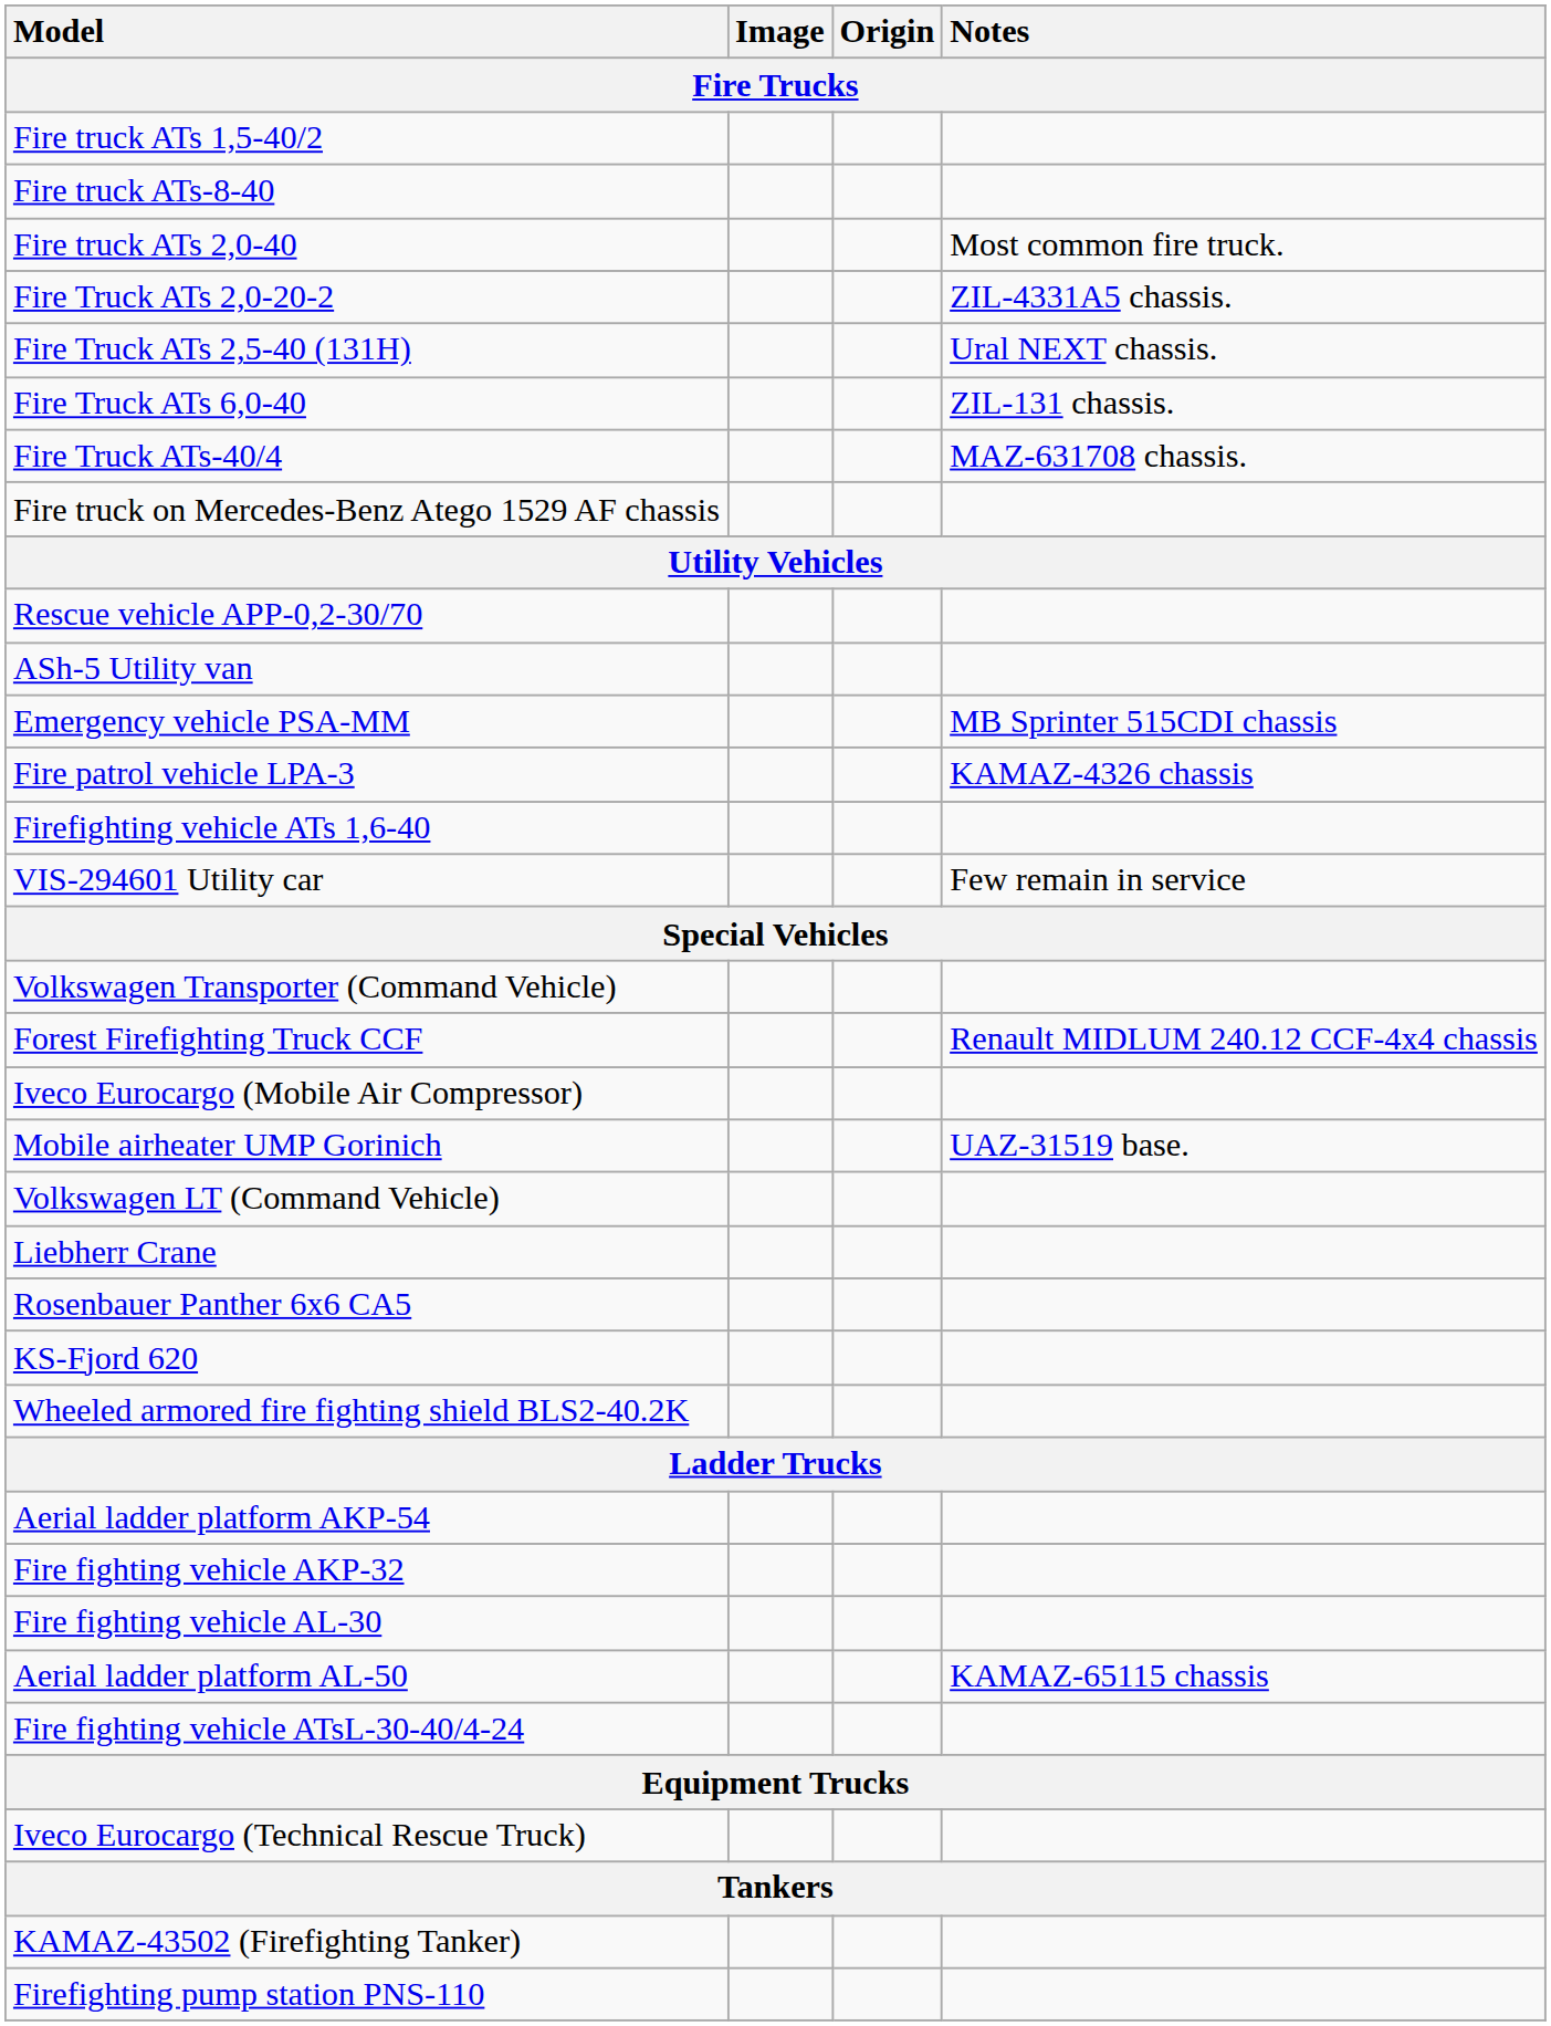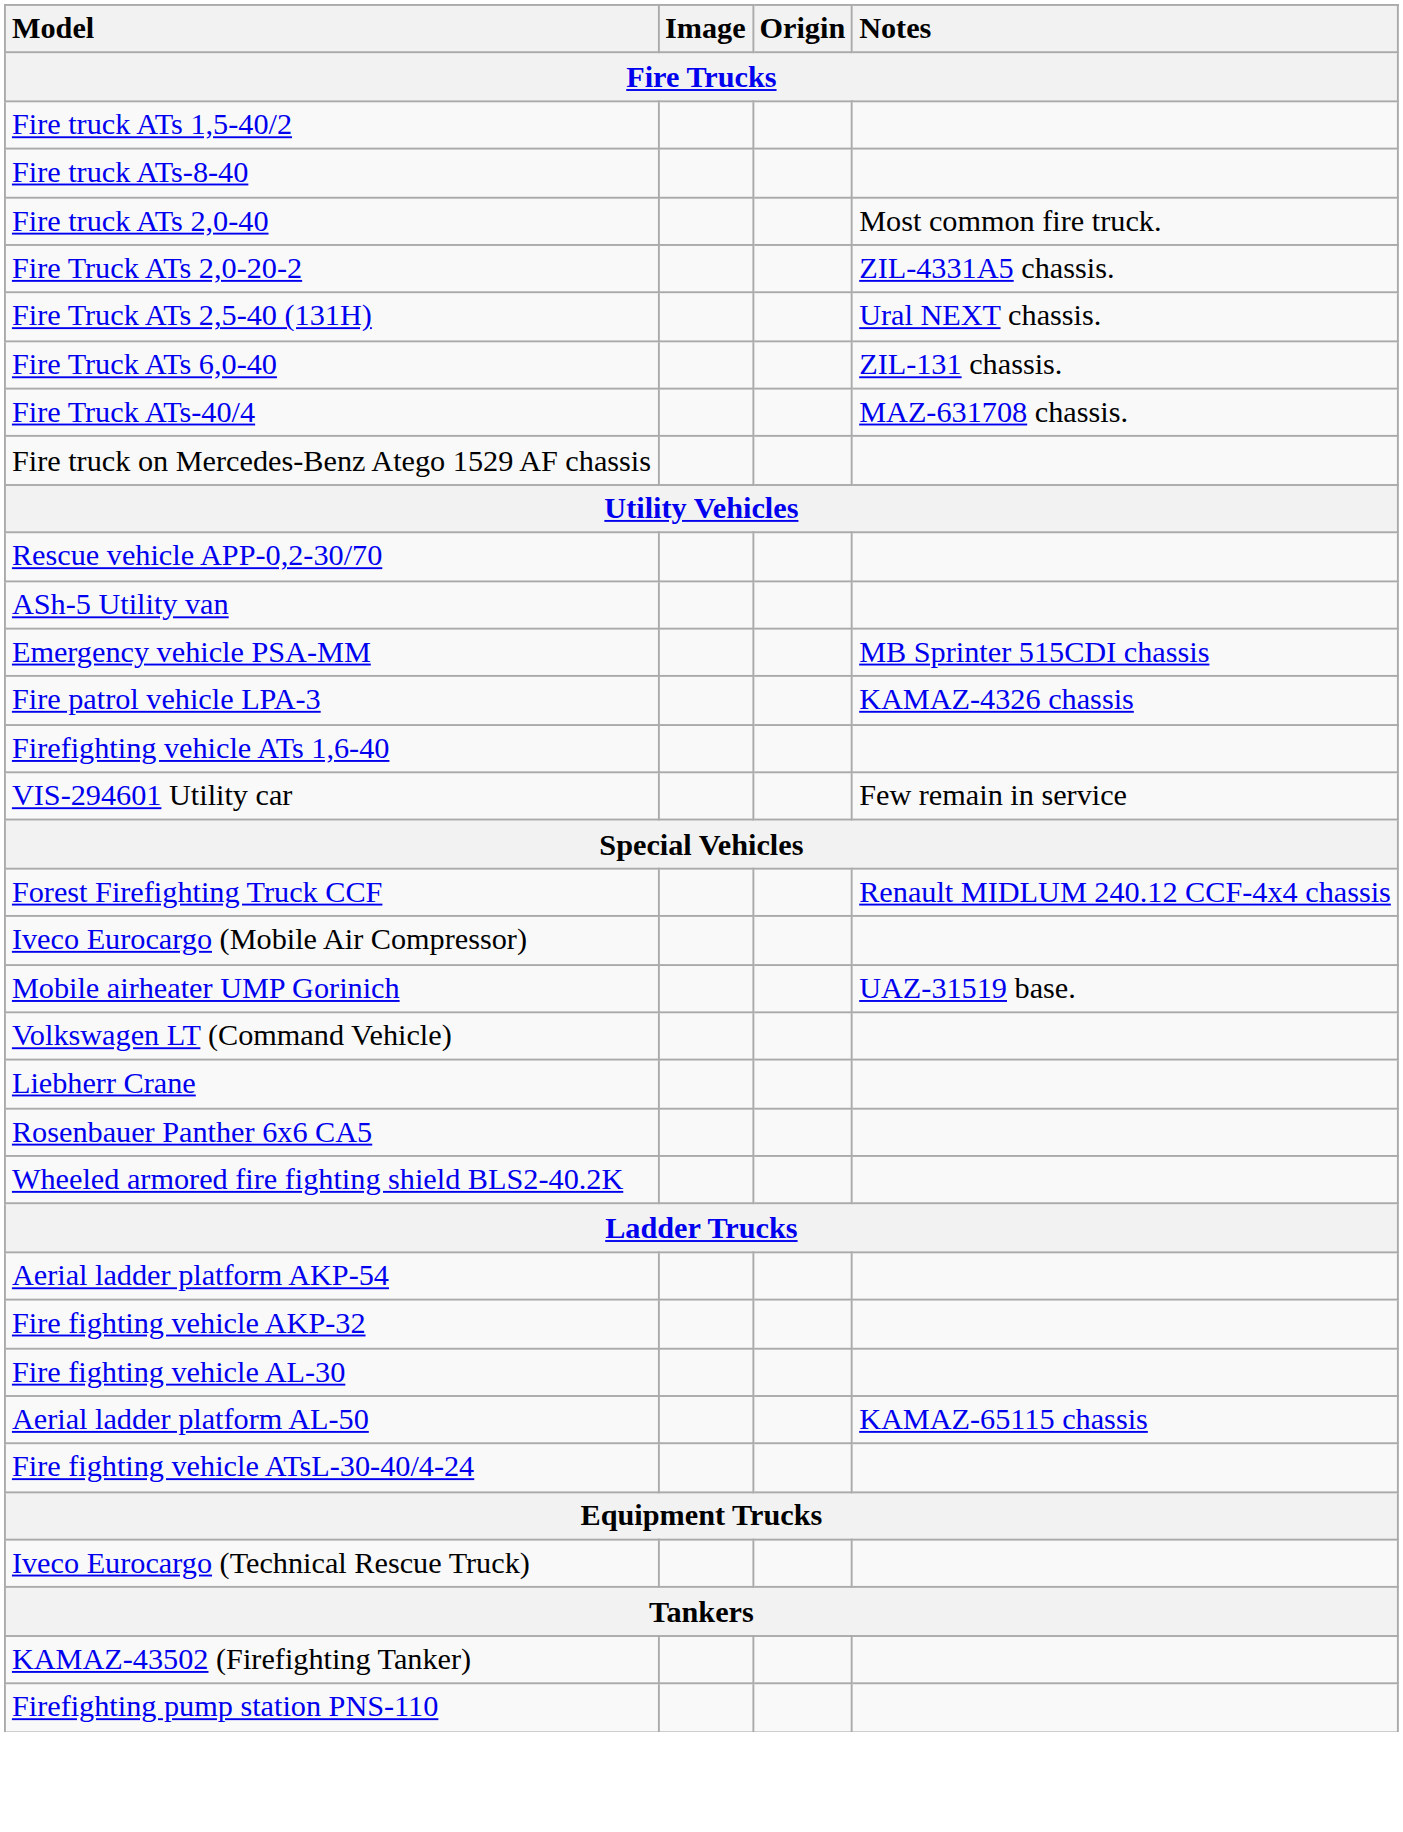 <table class="wikitable">
 <tr>
 <th style="text-align: left;">Model</th>
 <th style="text-align: left;">Image</th>
 <th style="text-align: left;">Origin</th>
 <th style="text-align: left;">Notes</th>
 </tr>
 <tr>
 <th colspan="4" style="align: center;"><a href='#'>Fire Trucks</a></th>
 </tr>
 <tr>
 <td><a href='#'>Fire truck ATs 1,5-40/2</a></td>
 <td></td>
 <td></td>
 <td></td>
 </tr>
 <tr>
 <td><a href='#'>Fire truck ATs-8-40</a></td>
 <td></td>
 <td></td>
 <td></td>
 </tr>
 <tr>
 <td><a href='#'>Fire truck ATs 2,0-40</a></td>
 <td></td>
 <td></td>
 <td>Most common fire truck.</td>
 </tr>
 <tr>
 <td><a href='#'>Fire Truck ATs 2,0-20-2</a></td>
 <td></td>
 <td></td>
 <td><a href='#'>ZIL-4331A5</a> chassis.</td>
 </tr>
 <tr>
 <td><a href='#'>Fire Truck ATs 2,5-40 (131Н)</a></td>
 <td></td>
 <td></td>
 <td><a href='#'>Ural NEXT</a> chassis.</td>
 </tr>
 <tr>
 <td><a href='#'>Fire Truck ATs 6,0-40</a></td>
 <td></td>
 <td></td>
 <td><a href='#'>ZIL-131</a> chassis.</td>
 </tr>
 <tr>
 <td><a href='#'>Fire Truck ATs-40/4</a></td>
 <td></td>
 <td></td>
 <td><a href='#'>MAZ-631708</a> chassis.</td>
 </tr>
 <tr>
 <td>Fire truck on Mercedes-Benz Atego 1529 AF chassis</td>
 <td></td>
 <td></td>
 <td></td>
 </tr>
 <tr>
 <th colspan="4"><a href='#'>Utility Vehicles</a></th>
 </tr>
 <tr>
 <td><a href='#'>Rescue vehicle APP-0,2-30/70</a></td>
 <td></td>
 <td></td>
 <td></td>
 </tr>
 <tr>
 <td><a href='#'>ASh-5 Utility van</a></td>
 <td></td>
 <td></td>
 <td></td>
 </tr>
 <tr>
 <td><a href='#'>Emergency vehicle PSA-MM</a></td>
 <td></td>
 <td></td>
 <td><a href='#'>MB Sprinter 515CDI chassis</a></td>
 </tr>
 <tr>
 <td><a href='#'>Fire patrol vehicle LPA-3</a></td>
 <td></td>
 <td></td>
 <td><a href='#'>KAMAZ-4326 chassis</a></td>
 </tr>
 <tr>
 <td><a href='#'>Firefighting vehicle ATs 1,6-40</a></td>
 <td></td>
 <td></td>
 <td></td>
 </tr>
 <tr>
 <td><a href='#'>VIS-294601</a> Utility car</td>
 <td></td>
 <td></td>
 <td>Few remain in service</td>
 </tr>
 <tr>
 <th colspan="4">Special Vehicles</th>
 </tr>
 <tr>
-<td><a href='#'>Volkswagen Transporter</a> (Command Vehicle)</td>
-<td></td>
-<td></td>
-<td></td>
-</tr>
-<tr>
 <td><a href='#'>Forest Firefighting Truck CCF</a></td>
 <td></td>
 <td></td>
 <td><a href='#'>Renault MIDLUM 240.12 CCF-4x4 chassis</a></td>
 </tr>
 <tr>
 <td><a href='#'>Iveco Eurocargo</a> (Mobile Air Compressor)</td>
 <td></td>
 <td></td>
 <td></td>
 </tr>
 <tr>
 <td><a href='#'>Mobile airheater UMP Gorinich</a></td>
 <td></td>
 <td></td>
 <td><a href='#'>UAZ-31519</a> base.</td>
 </tr>
 <tr>
 <td><a href='#'>Volkswagen LT</a> (Command Vehicle)</td>
 <td></td>
 <td></td>
 <td></td>
 </tr>
 <tr>
 <td><a href='#'>Liebherr Crane</a></td>
 <td></td>
 <td></td>
 <td></td>
 </tr>
 <tr>
 <td><a href='#'>Rosenbauer Panther 6x6 CA5</a></td>
-<td></td>
-<td></td>
-<td></td>
-</tr>
-<tr>
-<td><a href='#'>KS-Fjord 620</a></td>
 <td></td>
 <td></td>
 <td></td>
 </tr>
 <tr>
 <td><a href='#'>Wheeled armored fire fighting shield BLS2-40.2K</a></td>
 <td></td>
 <td></td>
 <td></td>
 </tr>
 <tr>
 <th colspan="4"><a href='#'>Ladder Trucks</a></th>
 </tr>
 <tr>
 <td><a href='#'>Aerial ladder platform AKP-54</a></td>
 <td></td>
 <td></td>
 <td></td>
 </tr>
 <tr>
 <td><a href='#'>Fire fighting vehicle AKP-32</a></td>
 <td></td>
 <td></td>
 <td></td>
 </tr>
 <tr>
 <td><a href='#'>Fire fighting vehicle AL-30</a></td>
 <td></td>
 <td></td>
 <td></td>
 </tr>
 <tr>
 <td><a href='#'>Aerial ladder platform AL-50</a></td>
 <td></td>
 <td></td>
 <td><a href='#'>KAMAZ-65115 chassis</a></td>
 </tr>
 <tr>
 <td><a href='#'>Fire fighting vehicle ATsL-30-40/4-24</a></td>
 <td></td>
 <td></td>
 <td></td>
 </tr>
 <tr>
 <th colspan="4">Equipment Trucks</th>
 </tr>
 <tr>
 <td><a href='#'>Iveco Eurocargo</a> (Technical Rescue Truck)</td>
 <td></td>
 <td></td>
 <td></td>
 </tr>
 <tr>
 <th colspan="4">Tankers</th>
 </tr>
 <tr>
 <td><a href='#'>KAMAZ-43502</a> (Firefighting Tanker)</td>
 <td></td>
 <td></td>
 <td></td>
 </tr>
 <tr>
 <td><a href='#'>Firefighting pump station PNS-110</a></td>
 <td></td>
 <td></td>
 <td></td>
 </tr>
 </table>
